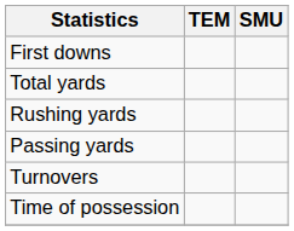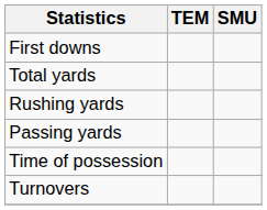 <table class="wikitable">
 <tr>
 <th>Statistics</th>
 <th>TEM</th>
 <th>SMU</th>
 </tr>
 <tr>
 <td>First downs</td>
 <td></td>
 <td></td>
 </tr>
 <tr>
 <td>Total yards</td>
 <td></td>
 <td></td>
 </tr>
 <tr>
 <td>Rushing yards</td>
 <td></td>
 <td></td>
 </tr>
 <tr>
 <td>Passing yards</td>
 <td></td>
 <td></td>
 </tr>
 <tr>
-<td>Turnovers</td>
+<td>Time of possession</td>
 <td></td>
 <td></td>
 </tr>
 <tr>
-<td>Time of possession</td>
+<td>Turnovers</td>
 <td></td>
 <td></td>
 </tr>
 <tr>
 </tr>
 </table>
